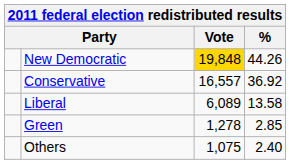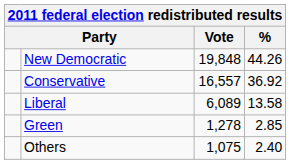 <table class="wikitable">
 <tr>
 <th colspan="4"><a href='#'>2011 federal election</a> redistributed results</th>
 </tr>
 <tr>
 <th bgcolor="#DDDDFF" width="130px" colspan="2">Party</th>
 <th bgcolor="#DDDDFF" width="50px">Vote</th>
 <th bgcolor="#DDDDFF" width="30px">%</th>
 </tr>
 <tr>
 <td> </td>
 <td><a href='#'>New Democratic</a></td>
-<td align=right style="background: gold;">19,848</td>
+<td align=right>19,848</td>
 <td align=right>44.26</td>
 </tr>
 <tr>
 <td> </td>
 <td><a href='#'>Conservative</a></td>
 <td align=right>16,557</td>
 <td align=right>36.92</td>
 </tr>
 <tr>
 <td> </td>
 <td><a href='#'>Liberal</a></td>
 <td align=right>6,089</td>
 <td align=right>13.58</td>
 </tr>
 <tr>
 <td> </td>
 <td><a href='#'>Green</a></td>
 <td align=right>1,278</td>
 <td align=right>2.85</td>
 </tr>
 <tr>
 <td> </td>
 <td>Others</td>
 <td align=right>1,075</td>
 <td align=right>2.40</td>
 </tr>
 </table>
